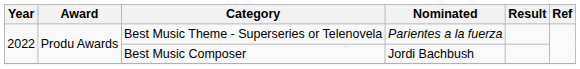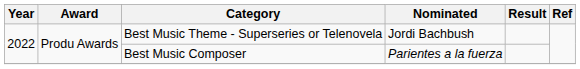 <table class="wikitable plainrowheaders">
 <tr>
 <th scope="col">Year</th>
 <th scope="col">Award</th>
 <th scope="col">Category</th>
 <th scope="col">Nominated</th>
 <th scope="col">Result</th>
 <th scope="col">Ref</th>
 </tr>
 <tr>
 <td rowspan="2">2022</td>
 <td rowspan="2">Produ Awards</td>
 <td>Best Music Theme - Superseries or Telenovela</td>
-<td><em>Parientes a la fuerza</em></td>
+<td>Jordi Bachbush</td>
 <td></td>
 <td align="center" rowspan="2"></td>
 </tr>
 <tr>
 <td>Best Music Composer</td>
-<td>Jordi Bachbush</td>
+<td><em>Parientes a la fuerza</em></td>
 <td></td>
 </tr>
 <tr>
 </tr>
 </table>
